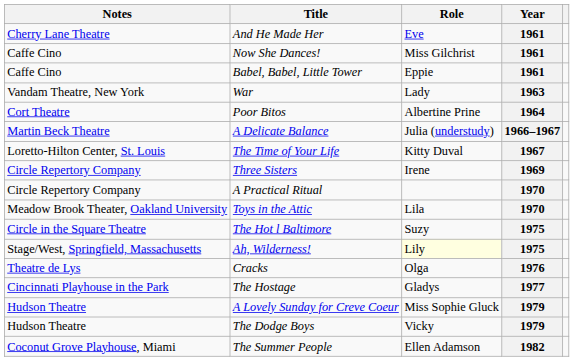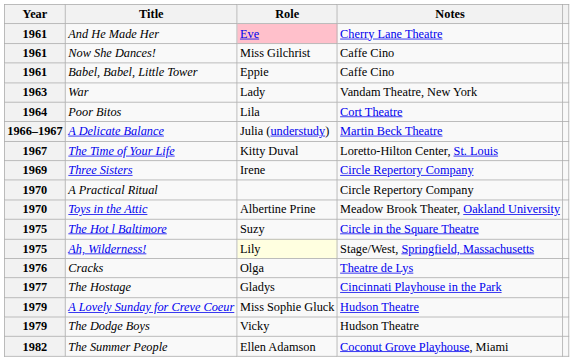 <table class="wikitable plainrowheaders sortable" style="margin-right: 0;">
 <tr>
-<th scope="col" class="unsortable">Notes</th>
+<th scope="col">Year</th>
 <th scope="col">Title</th>
 <th scope="col">Role</th>
-<th scope="col">Year</th>
+<th scope="col" class="unsortable">Notes</th>
 <th scope="col" class="unsortable"></th>
 </tr>
 <tr>
+<th scope="row">1961</th>
+<td><em>And He Made Her</em></td>
+<td style="background: pink;"><a href='#'>Eve</a></td>
 <td><a href='#'>Cherry Lane Theatre</a></td>
-<td><em>And He Made Her</em></td>
-<td><a href='#'>Eve</a></td>
-<th scope="row">1961</th>
 <td style="text-align:center;"></td>
 </tr>
 <tr>
-<td>Caffe Cino</td>
+<th scope="row">1961</th>
 <td><em>Now She Dances!</em></td>
 <td>Miss Gilchrist</td>
-<th scope="row">1961</th>
+<td>Caffe Cino</td>
 <td style="text-align:center;"></td>
 </tr>
 <tr>
-<td>Caffe Cino</td>
+<th scope="row">1961</th>
 <td><em>Babel, Babel, Little Tower</em></td>
 <td>Eppie</td>
-<th scope="row">1961</th>
+<td>Caffe Cino</td>
 <td style="text-align:center;"></td>
 </tr>
 <tr>
-<td>Vandam Theatre, New York</td>
+<th scope="row">1963</th>
 <td><em>War</em></td>
 <td>Lady</td>
-<th scope="row">1963</th>
+<td>Vandam Theatre, New York</td>
 <td style="text-align:center;"></td>
 </tr>
 <tr>
+<th scope="row">1964</th>
+<td><em>Poor Bitos</em></td>
+<td>Lila</td>
 <td><a href='#'>Cort Theatre</a></td>
-<td><em>Poor Bitos</em></td>
-<td>Albertine Prine</td>
-<th scope="row">1964</th>
 <td style="text-align:center;"></td>
 </tr>
 <tr>
-<td><a href='#'>Martin Beck Theatre</a></td>
+<th scope="row">1966–1967</th>
 <td><em><a href='#'>A Delicate Balance</a></em></td>
 <td>Julia (<a href='#'>understudy</a>)</td>
-<th scope="row">1966–1967</th>
+<td><a href='#'>Martin Beck Theatre</a></td>
 <td style="text-align:center;"></td>
 </tr>
 <tr>
-<td>Loretto-Hilton Center, <a href='#'>St. Louis</a></td>
+<th scope="row">1967</th>
 <td><em><a href='#'>The Time of Your Life</a></em></td>
 <td>Kitty Duval</td>
-<th scope="row">1967</th>
+<td>Loretto-Hilton Center, <a href='#'>St. Louis</a></td>
 <td style="text-align:center;"></td>
 </tr>
 <tr>
-<td><a href='#'>Circle Repertory Company</a></td>
+<th scope="row">1969</th>
 <td><em><a href='#'>Three Sisters</a></em></td>
 <td>Irene</td>
-<th scope="row">1969</th>
+<td><a href='#'>Circle Repertory Company</a></td>
 <td style="text-align:center;"></td>
 </tr>
 <tr>
-<td>Circle Repertory Company</td>
+<th scope="row">1970</th>
 <td><em>A Practical Ritual</em></td>
 <td></td>
-<th scope="row">1970</th>
+<td>Circle Repertory Company</td>
 <td style="text-align:center;"></td>
 </tr>
 <tr>
+<th scope="row">1970</th>
+<td><em><a href='#'>Toys in the Attic</a></em></td>
+<td>Albertine Prine</td>
 <td>Meadow Brook Theater, <a href='#'>Oakland University</a></td>
-<td><em><a href='#'>Toys in the Attic</a></em></td>
-<td>Lila</td>
-<th scope="row">1970</th>
 <td style="text-align:center;"></td>
 </tr>
 <tr>
-<td><a href='#'>Circle in the Square Theatre</a></td>
+<th scope="row">1975</th>
 <td><em><a href='#'>The Hot l Baltimore</a></em></td>
 <td>Suzy</td>
-<th scope="row">1975</th>
+<td><a href='#'>Circle in the Square Theatre</a></td>
 <td style="text-align:center;"></td>
 </tr>
 <tr>
-<td>Stage/West, <a href='#'>Springfield, Massachusetts</a></td>
+<th scope="row">1975</th>
 <td><em><a href='#'>Ah, Wilderness!</a></em></td>
 <td style="background: lightyellow;">Lily</td>
-<th scope="row">1975</th>
+<td>Stage/West, <a href='#'>Springfield, Massachusetts</a></td>
 <td style="text-align:center;"></td>
 </tr>
 <tr>
-<td><a href='#'>Theatre de Lys</a></td>
+<th scope="row">1976</th>
 <td><em>Cracks</em></td>
 <td>Olga</td>
-<th scope="row">1976</th>
+<td><a href='#'>Theatre de Lys</a></td>
 <td style="text-align:center;"></td>
 </tr>
 <tr>
-<td><a href='#'>Cincinnati Playhouse in the Park</a></td>
+<th scope="row">1977</th>
 <td><em>The Hostage</em></td>
 <td>Gladys</td>
-<th scope="row">1977</th>
+<td><a href='#'>Cincinnati Playhouse in the Park</a></td>
 <td style="text-align:center;"></td>
 </tr>
 <tr>
-<td><a href='#'>Hudson Theatre</a></td>
+<th scope="row">1979</th>
 <td><em><a href='#'>A Lovely Sunday for Creve Coeur</a></em></td>
 <td>Miss Sophie Gluck</td>
-<th scope="row">1979</th>
+<td><a href='#'>Hudson Theatre</a></td>
 <td style="text-align:center;"></td>
 </tr>
 <tr>
-<td>Hudson Theatre</td>
+<th scope="row">1979</th>
 <td><em>The Dodge Boys</em></td>
 <td>Vicky</td>
-<th scope="row">1979</th>
+<td>Hudson Theatre</td>
 <td style="text-align:center;"></td>
 </tr>
 <tr>
-<td><a href='#'>Coconut Grove Playhouse</a>, Miami</td>
+<th scope="row">1982</th>
 <td><em>The Summer People</em></td>
 <td>Ellen Adamson</td>
-<th scope="row">1982</th>
+<td><a href='#'>Coconut Grove Playhouse</a>, Miami</td>
 <td style="text-align:center;"></td>
 </tr>
 </table>
